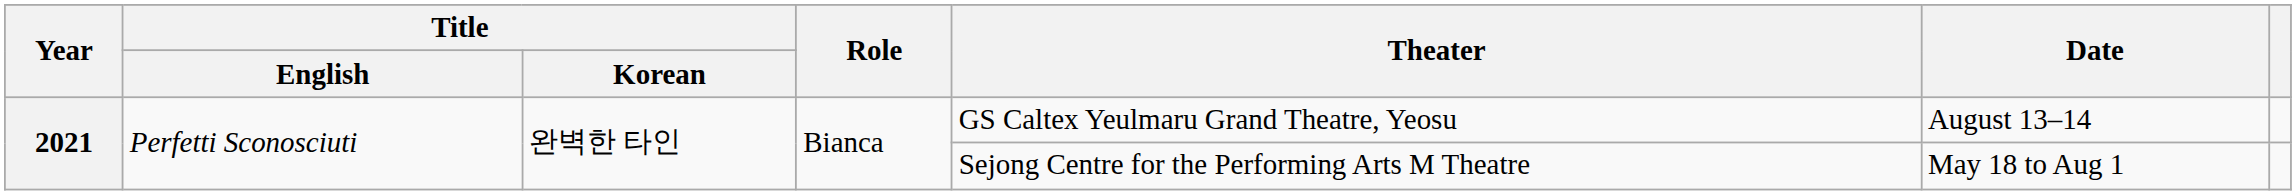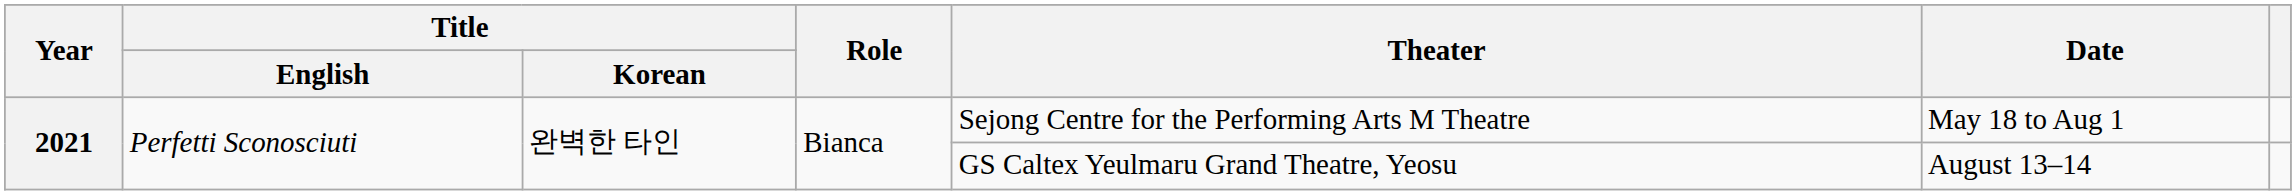 <table class="wikitable plainrowheaders" style="text-align:left; font-size:100%; padding:0 auto; width:100%; margin:auto">
 <tr>
 <th rowspan="2" scope="col">Year</th>
 <th colspan="2" scope="col">Title</th>
 <th rowspan="2" scope="col">Role</th>
 <th rowspan="2" scope="col">Theater</th>
 <th rowspan="2" scope="col">Date</th>
 <th rowspan="2" scope="col" class="unsortable"></th>
 </tr>
 <tr>
 <th>English</th>
 <th>Korean</th>
 </tr>
 <tr>
 <th rowspan="2" scope="row">2021</th>
 <td rowspan="2"><em>Perfetti Sconosciuti</em></td>
 <td rowspan="2">완벽한 타인</td>
 <td rowspan="2">Bianca</td>
+<td>Sejong Centre for the Performing Arts M Theatre</td>
+<td>May 18 to Aug 1</td>
+<td></td>
+</tr>
+<tr>
 <td>GS Caltex Yeulmaru Grand Theatre, Yeosu</td>
 <td>August 13–14</td>
 <td></td>
 </tr>
-<tr>
-<td>Sejong Centre for the Performing Arts M Theatre</td>
-<td>May 18 to Aug 1</td>
-<td></td>
-</tr>
 </table>
